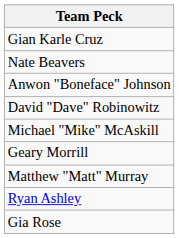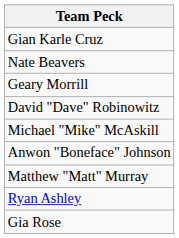 <table class="wikitable" style="display: inline-table;">
 <tr>
 <th>Team Peck</th>
 </tr>
 <tr>
 <td>Gian Karle Cruz</td>
 </tr>
 <tr>
 <td>Nate Beavers</td>
 </tr>
 <tr>
-<td>Anwon "Boneface" Johnson</td>
+<td>Geary Morrill</td>
 </tr>
 <tr>
 <td>David "Dave" Robinowitz</td>
 </tr>
 <tr>
 <td>Michael "Mike" McAskill</td>
 </tr>
 <tr>
-<td>Geary Morrill</td>
+<td>Anwon "Boneface" Johnson</td>
 </tr>
 <tr>
 <td>Matthew "Matt" Murray</td>
 </tr>
 <tr>
 <td><a href='#'>Ryan Ashley</a></td>
 </tr>
 <tr>
 <td>Gia Rose</td>
 </tr>
 </table>
